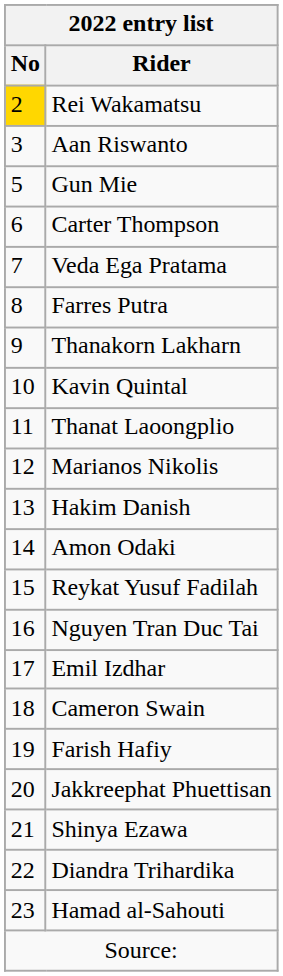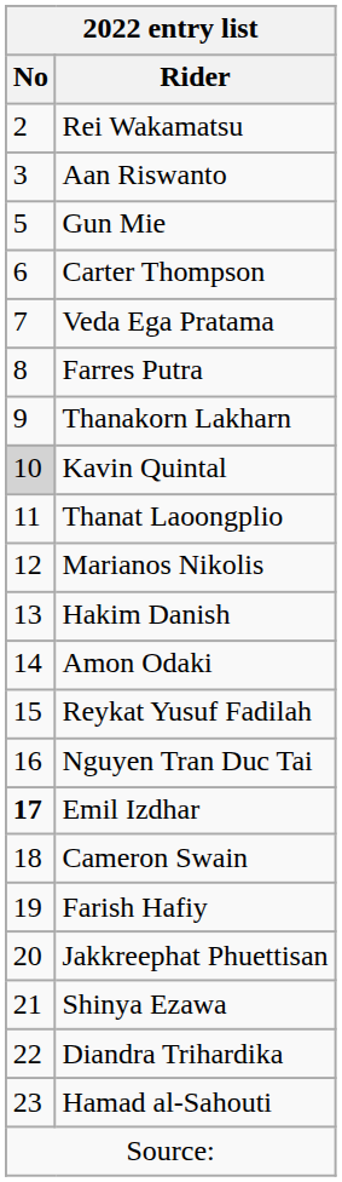 <table class="wikitable" style="font-size: 78%">
 <tr>
 <th colspan=3>2022 entry list</th>
 </tr>
 <tr>
 <th>No</th>
 <th>Rider</th>
 </tr>
 <tr>
-<td style="background: gold;">2</td>
+<td>2</td>
 <td> Rei Wakamatsu</td>
 </tr>
 <tr>
 <td>3</td>
 <td> Aan Riswanto</td>
 </tr>
 <tr>
 <td>5</td>
 <td> Gun Mie</td>
 </tr>
 <tr>
 <td>6</td>
 <td> Carter Thompson</td>
 </tr>
 <tr>
 <td>7</td>
 <td> Veda Ega Pratama</td>
 </tr>
 <tr>
 <td>8</td>
 <td> Farres Putra</td>
 </tr>
 <tr>
 <td>9</td>
 <td> Thanakorn Lakharn</td>
 </tr>
 <tr>
-<td>10</td>
+<td style="background: lightgrey;">10</td>
 <td> Kavin Quintal</td>
 </tr>
 <tr>
 <td>11</td>
 <td> Thanat Laoongplio</td>
 </tr>
 <tr>
 <td>12</td>
 <td> Marianos Nikolis</td>
 </tr>
 <tr>
 <td>13</td>
 <td> Hakim Danish</td>
 </tr>
 <tr>
 <td>14</td>
 <td> Amon Odaki</td>
 </tr>
 <tr>
 <td>15</td>
 <td> Reykat Yusuf Fadilah</td>
 </tr>
 <tr>
 <td>16</td>
 <td> Nguyen Tran Duc Tai</td>
 </tr>
 <tr>
-<td>17</td>
+<td><strong>17</strong></td>
 <td> Emil Izdhar</td>
 </tr>
 <tr>
 <td>18</td>
 <td> Cameron Swain</td>
 </tr>
 <tr>
 <td>19</td>
 <td> Farish Hafiy</td>
 </tr>
 <tr>
 <td>20</td>
 <td> Jakkreephat Phuettisan</td>
 </tr>
 <tr>
 <td>21</td>
 <td> Shinya Ezawa</td>
 </tr>
 <tr>
 <td>22</td>
 <td> Diandra Trihardika</td>
 </tr>
 <tr>
 <td>23</td>
 <td> Hamad al-Sahouti</td>
 </tr>
 <tr>
 <td colspan="7" align="center">Source:</td>
 </tr>
 </table>
